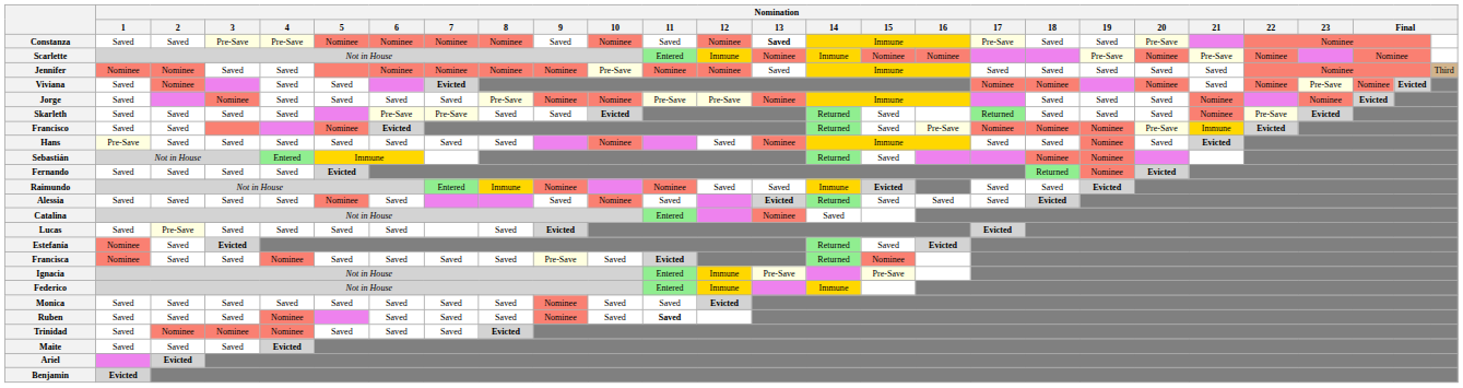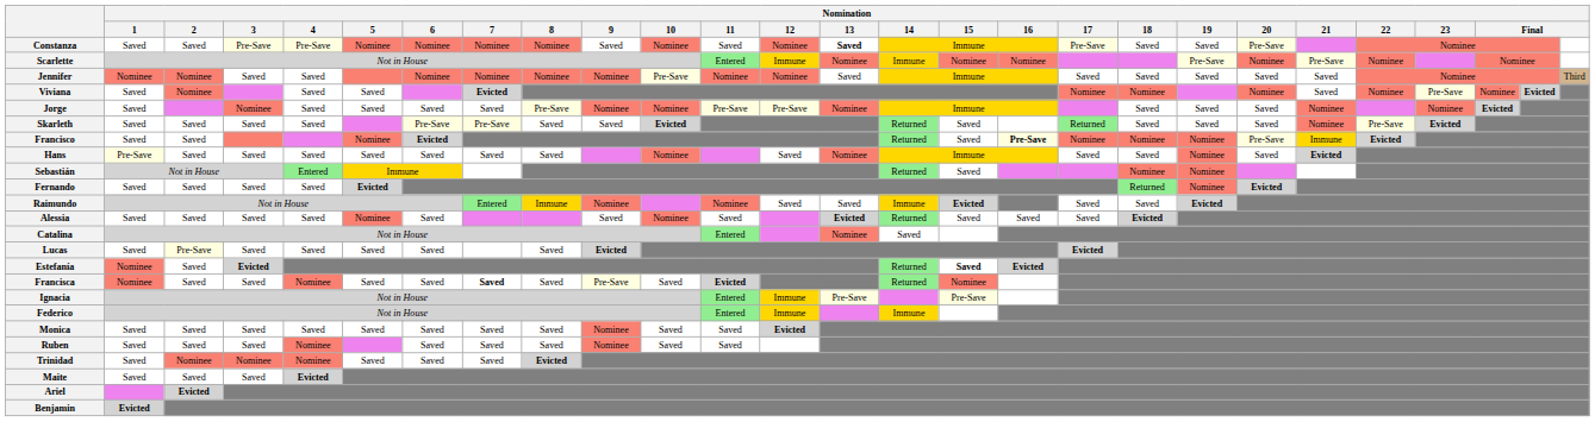 <table border="0" style="background:#ffffff; text-align:center; font-size:60%; width:100%; align="top" class="wikitable">
 <tr>
 <th rowspan=2 style="width:5%"></th>
 <th colspan="55">Nomination</th>
 </tr>
 <tr>
 <th style="width:3%">1</th>
 <th style="width:3%">2</th>
 <th style="width:3%">3</th>
 <th style="width:3%">4</th>
 <th style="width:3%">5</th>
 <th style="width:3%">6</th>
 <th style="width:3%">7</th>
 <th style="width:3%">8</th>
 <th style="width:3%">9</th>
 <th style="width:3%">10</th>
 <th style="width:3%">11</th>
 <th style="width:3%">12</th>
 <th style="width:3%">13</th>
 <th style="width:3%">14</th>
 <th style="width:3%">15</th>
 <th style="width:3%">16</th>
 <th style="width:3%">17</th>
 <th style="width:3%">18</th>
 <th style="width:3%">19</th>
 <th style="width:3%">20</th>
 <th style="width:3%">21</th>
 <th style="width:3%">22</th>
 <th style="width:3%">23</th>
 <th style="width:3%" colspan="3">Final</th>
 </tr>
 <tr>
 <th>Constanza</th>
 <td>Saved</td>
 <td>Saved</td>
 <td bgcolor=lightyellow>Pre-Save</td>
 <td bgcolor=lightyellow>Pre-Save</td>
 <td bgcolor=salmon>Nominee</td>
 <td bgcolor=salmon>Nominee</td>
 <td bgcolor=salmon>Nominee</td>
 <td bgcolor=salmon>Nominee</td>
 <td>Saved</td>
 <td bgcolor=salmon>Nominee</td>
 <td>Saved</td>
 <td bgcolor=salmon>Nominee</td>
 <td><strong>Saved</strong></td>
 <td bgcolor=gold colspan="3">Immune</td>
 <td bgcolor=lightyellow>Pre-Save</td>
 <td>Saved</td>
 <td>Saved</td>
 <td bgcolor=lightyellow>Pre-Save</td>
 <td bgcolor=violet></td>
 <td bgcolor=salmon colspan="4">Nominee</td>
 <td></td>
 </tr>
 <tr>
 <th>Scarlette</th>
 <td bgcolor=lightgray colspan="10"><em>Not in House</em></td>
 <td bgcolor=lightgreen>Entered</td>
 <td bgcolor=gold>Immune</td>
 <td bgcolor=salmon>Nominee</td>
 <td bgcolor=gold>Immune</td>
 <td bgcolor=salmon>Nominee</td>
 <td bgcolor=salmon>Nominee</td>
 <td bgcolor=violet></td>
 <td bgcolor=violet></td>
 <td bgcolor=lightyellow>Pre-Save</td>
 <td bgcolor=salmon>Nominee</td>
 <td bgcolor=lightyellow>Pre-Save</td>
 <td bgcolor=salmon>Nominee</td>
 <td bgcolor=violet></td>
 <td colspan="2" bgcolor=salmon>Nominee</td>
 <td></td>
 </tr>
 <tr>
 <th>Jennifer</th>
 <td bgcolor=salmon>Nominee</td>
 <td bgcolor=salmon>Nominee</td>
 <td>Saved</td>
 <td>Saved</td>
 <td bgcolor=salmon></td>
 <td bgcolor=salmon>Nominee</td>
 <td bgcolor=salmon>Nominee</td>
 <td bgcolor=salmon>Nominee</td>
 <td bgcolor=salmon>Nominee</td>
 <td bgcolor=lightyellow>Pre-Save</td>
 <td bgcolor=salmon>Nominee</td>
 <td bgcolor=salmon>Nominee</td>
 <td>Saved</td>
 <td bgcolor=gold colspan="3">Immune</td>
 <td>Saved</td>
 <td>Saved</td>
 <td>Saved</td>
 <td>Saved</td>
 <td>Saved</td>
 <td colspan="4" bgcolor=salmon>Nominee</td>
 <td bgcolor="tan">Third</td>
 </tr>
 <tr>
 <th>Viviana</th>
 <td>Saved</td>
 <td bgcolor=salmon>Nominee</td>
 <td bgcolor=violet></td>
 <td>Saved</td>
 <td>Saved</td>
 <td bgcolor=violet></td>
 <td bgcolor=lightgray><strong>Evicted</strong></td>
 <td colspan="9" style="background:grey"></td>
 <td bgcolor=salmon>Nominee</td>
 <td bgcolor=salmon>Nominee</td>
 <td bgcolor=violet></td>
 <td bgcolor=salmon>Nominee</td>
 <td>Saved</td>
 <td bgcolor=salmon>Nominee</td>
 <td bgcolor=lightyellow>Pre-Save</td>
 <td bgcolor=salmon>Nominee</td>
 <td bgcolor=lightgray><strong>Evicted</strong></td>
 <td colspan="55" style="background:grey"></td>
 </tr>
 <tr>
 <th>Jorge</th>
 <td>Saved</td>
 <td bgcolor=violet></td>
 <td bgcolor=salmon>Nominee</td>
 <td>Saved</td>
 <td>Saved</td>
 <td>Saved</td>
 <td>Saved</td>
 <td bgcolor=lightyellow>Pre-Save</td>
 <td bgcolor=salmon>Nominee</td>
 <td bgcolor=salmon>Nominee</td>
 <td bgcolor=lightyellow>Pre-Save</td>
 <td bgcolor=lightyellow>Pre-Save</td>
 <td bgcolor=salmon>Nominee</td>
 <td bgcolor=gold colspan="3">Immune</td>
 <td bgcolor=violet></td>
 <td>Saved</td>
 <td>Saved</td>
 <td>Saved</td>
 <td bgcolor=salmon>Nominee</td>
 <td bgcolor=violet></td>
 <td bgcolor=salmon>Nominee</td>
 <td bgcolor=lightgray><strong>Evicted</strong></td>
 <td colspan="55" style="background:grey"></td>
 </tr>
 <tr>
 <th>Skarleth</th>
 <td>Saved</td>
 <td>Saved</td>
 <td>Saved</td>
 <td>Saved</td>
 <td bgcolor=violet></td>
 <td bgcolor=lightyellow>Pre-Save</td>
 <td bgcolor=lightyellow>Pre-Save</td>
 <td>Saved</td>
 <td>Saved</td>
 <td bgcolor=lightgray><strong>Evicted</strong></td>
 <td colspan="3" style="background:grey"></td>
 <td bgcolor=lightgreen>Returned</td>
 <td>Saved</td>
 <td></td>
 <td bgcolor=lightgreen>Returned</td>
 <td>Saved</td>
 <td>Saved</td>
 <td>Saved</td>
 <td bgcolor=salmon>Nominee</td>
 <td bgcolor=lightyellow>Pre-Save</td>
 <td bgcolor=lightgray><strong>Evicted</strong></td>
 <td colspan="55" style="background:grey"></td>
 </tr>
 <tr>
 <th>Francisco</th>
 <td>Saved</td>
 <td>Saved</td>
 <td bgcolor=salmon></td>
 <td bgcolor=violet></td>
 <td bgcolor=salmon>Nominee</td>
 <td bgcolor=lightgray><strong>Evicted</strong></td>
 <td colspan="7" style="background:grey"></td>
 <td bgcolor=lightgreen>Returned</td>
 <td>Saved</td>
-<td bgcolor=lightyellow>Pre-Save</td>
+<td bgcolor=lightyellow><strong>Pre-Save</strong></td>
 <td bgcolor=salmon>Nominee</td>
 <td bgcolor=salmon>Nominee</td>
 <td bgcolor=salmon>Nominee</td>
 <td bgcolor=lightyellow>Pre-Save</td>
 <td bgcolor=gold>Immune</td>
 <td bgcolor=lightgray><strong>Evicted</strong></td>
 <td colspan="55" style="background:grey"></td>
 </tr>
 <tr>
 <th>Hans</th>
 <td bgcolor=lightyellow>Pre-Save</td>
 <td>Saved</td>
 <td>Saved</td>
 <td>Saved</td>
 <td>Saved</td>
 <td>Saved</td>
 <td>Saved</td>
 <td>Saved</td>
 <td bgcolor=violet></td>
 <td bgcolor=salmon>Nominee</td>
 <td bgcolor=violet></td>
 <td>Saved</td>
 <td bgcolor=salmon>Nominee</td>
 <td bgcolor=gold colspan="3">Immune</td>
 <td>Saved</td>
 <td>Saved</td>
 <td bgcolor=salmon>Nominee</td>
 <td>Saved</td>
 <td bgcolor=lightgray><strong>Evicted</strong></td>
 <td colspan="55" style="background:grey"></td>
 </tr>
 <tr>
 <th>Sebastián</th>
 <td bgcolor=lightgray colspan="3"><em>Not in House</em></td>
 <td bgcolor=lightgreen>Entered</td>
 <td bgcolor=gold colspan="2">Immune</td>
 <td></td>
 <td colspan="6" style="background:grey"></td>
 <td bgcolor=lightgreen>Returned</td>
 <td>Saved</td>
 <td bgcolor=violet></td>
 <td bgcolor=violet></td>
 <td bgcolor=salmon>Nominee</td>
 <td bgcolor=salmon>Nominee</td>
 <td bgcolor=violet></td>
 <td></td>
 <td colspan="55" style="background:grey"></td>
 </tr>
 <tr>
 <th>Fernando</th>
 <td>Saved</td>
 <td>Saved</td>
 <td>Saved</td>
 <td>Saved</td>
 <td bgcolor=lightgray><strong>Evicted</strong></td>
 <td colspan="12" style="background:grey"></td>
 <td bgcolor=lightgreen>Returned</td>
 <td bgcolor=salmon>Nominee</td>
 <td bgcolor=lightgray><strong>Evicted</strong></td>
 <td colspan="55" style="background:grey"></td>
 </tr>
 <tr>
 <th>Raimundo</th>
 <td bgcolor=lightgray colspan="6"><em>Not in House</em></td>
 <td bgcolor=lightgreen>Entered</td>
 <td bgcolor=gold>Immune</td>
 <td bgcolor=salmon>Nominee</td>
 <td bgcolor=violet></td>
 <td bgcolor=salmon>Nominee</td>
 <td>Saved</td>
 <td>Saved</td>
 <td bgcolor=gold>Immune</td>
 <td bgcolor=lightgray><strong>Evicted</strong></td>
 <td style="background:grey"></td>
 <td>Saved</td>
 <td>Saved</td>
 <td bgcolor=lightgray><strong>Evicted</strong></td>
 <td colspan="55" style="background:grey"></td>
 </tr>
 <tr>
 <th>Alessia</th>
 <td>Saved</td>
 <td>Saved</td>
 <td>Saved</td>
 <td>Saved</td>
 <td bgcolor=salmon>Nominee</td>
 <td>Saved</td>
 <td bgcolor=violet></td>
 <td bgcolor=violet></td>
 <td>Saved</td>
 <td bgcolor=salmon>Nominee</td>
 <td>Saved</td>
 <td bgcolor=violet></td>
 <td bgcolor=lightgray><strong>Evicted</strong></td>
 <td bgcolor=lightgreen>Returned</td>
 <td>Saved</td>
 <td>Saved</td>
 <td>Saved</td>
 <td bgcolor=lightgray><strong>Evicted</strong></td>
 <td colspan="55" style="background:grey"></td>
 </tr>
 <tr>
 <th>Catalina</th>
 <td bgcolor=lightgray colspan="10"><em>Not in House</em></td>
 <td bgcolor=lightgreen>Entered</td>
 <td bgcolor=violet></td>
 <td bgcolor=salmon>Nominee</td>
 <td>Saved</td>
 <td></td>
 <td colspan="55" style="background:grey"></td>
 </tr>
 <tr>
 <th>Lucas</th>
 <td>Saved</td>
 <td bgcolor=lightyellow>Pre-Save</td>
 <td>Saved</td>
 <td>Saved</td>
 <td>Saved</td>
 <td>Saved</td>
 <td></td>
 <td>Saved</td>
 <td bgcolor=lightgray><strong>Evicted</strong></td>
 <td colspan="7" style="background:grey"></td>
 <td bgcolor=lightgray><strong>Evicted</strong></td>
 <td colspan="55" style="background:grey"></td>
 </tr>
 <tr>
 <th>Estefanía</th>
 <td bgcolor=salmon>Nominee</td>
 <td>Saved</td>
 <td bgcolor=lightgray><strong>Evicted</strong></td>
 <td colspan="10" style="background:grey"></td>
 <td bgcolor=lightgreen>Returned</td>
-<td>Saved</td>
+<td><strong>Saved</strong></td>
 <td bgcolor=lightgray><strong>Evicted</strong></td>
 <td colspan="55" style="background:grey"></td>
 </tr>
 <tr>
 <th>Francisca</th>
 <td bgcolor=salmon>Nominee</td>
 <td>Saved</td>
 <td>Saved</td>
 <td bgcolor=salmon>Nominee</td>
 <td>Saved</td>
 <td>Saved</td>
-<td>Saved</td>
+<td><strong>Saved</strong></td>
 <td>Saved</td>
 <td bgcolor=lightyellow>Pre-Save</td>
 <td>Saved</td>
 <td bgcolor=lightgray><strong>Evicted</strong></td>
 <td colspan="2" style="background:grey"></td>
 <td bgcolor=lightgreen>Returned</td>
 <td bgcolor=salmon>Nominee</td>
 <td></td>
 <td colspan="55" style="background:grey"></td>
 </tr>
 <tr>
 <th>Ignacia</th>
 <td bgcolor=lightgray colspan="10"><em>Not in House</em></td>
 <td bgcolor=lightgreen>Entered</td>
 <td bgcolor=gold>Immune</td>
 <td bgcolor=lightyellow>Pre-Save</td>
 <td bgcolor=violet></td>
 <td bgcolor=lightyellow>Pre-Save</td>
 <td></td>
 <td colspan="55" style="background:grey"></td>
 </tr>
 <tr>
 <th>Federico</th>
 <td bgcolor=lightgray colspan="10"><em>Not in House</em></td>
 <td bgcolor=lightgreen>Entered</td>
 <td bgcolor=gold>Immune</td>
 <td bgcolor=violet></td>
 <td bgcolor=gold>Immune</td>
 <td></td>
 <td colspan="55" style="background:grey"></td>
 </tr>
 <tr>
 <th>Monica</th>
 <td>Saved</td>
 <td>Saved</td>
 <td>Saved</td>
 <td>Saved</td>
 <td>Saved</td>
 <td>Saved</td>
 <td>Saved</td>
 <td>Saved</td>
 <td bgcolor=salmon>Nominee</td>
 <td>Saved</td>
 <td>Saved</td>
 <td bgcolor=lightgray><strong>Evicted</strong></td>
 <td colspan="55" style="background:grey"></td>
 </tr>
 <tr>
 <th>Ruben</th>
 <td>Saved</td>
 <td>Saved</td>
 <td>Saved</td>
 <td bgcolor=salmon>Nominee</td>
 <td bgcolor=violet></td>
 <td>Saved</td>
 <td>Saved</td>
 <td>Saved</td>
 <td bgcolor=salmon>Nominee</td>
 <td>Saved</td>
-<td><strong>Saved</strong></td>
+<td>Saved</td>
 <td></td>
 <td colspan="55" style="background:grey"></td>
 </tr>
 <tr>
 <th>Trinidad</th>
 <td>Saved</td>
 <td bgcolor=salmon>Nominee</td>
 <td bgcolor=salmon>Nominee</td>
 <td bgcolor=salmon>Nominee</td>
 <td>Saved</td>
 <td>Saved</td>
 <td>Saved</td>
 <td bgcolor=lightgray><strong>Evicted</strong></td>
 <td colspan="55" style="background:grey"></td>
 </tr>
 <tr>
 <th>Maite</th>
 <td>Saved</td>
 <td>Saved</td>
 <td>Saved</td>
 <td bgcolor=lightgray><strong>Evicted</strong></td>
 <td colspan="55" style="background:grey"></td>
 </tr>
 <tr>
 <th>Ariel</th>
 <td bgcolor=violet></td>
 <td bgcolor=lightgray><strong>Evicted</strong></td>
 <td colspan="55" style="background:grey"></td>
 </tr>
 <tr>
 <th>Benjamin</th>
 <td bgcolor=lightgray><strong>Evicted</strong></td>
 <td colspan="55" style="background:grey"></td>
 </tr>
 </table>
